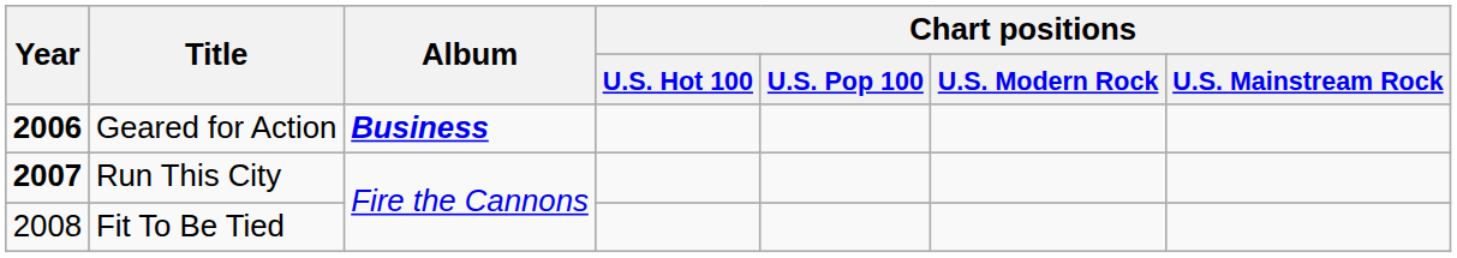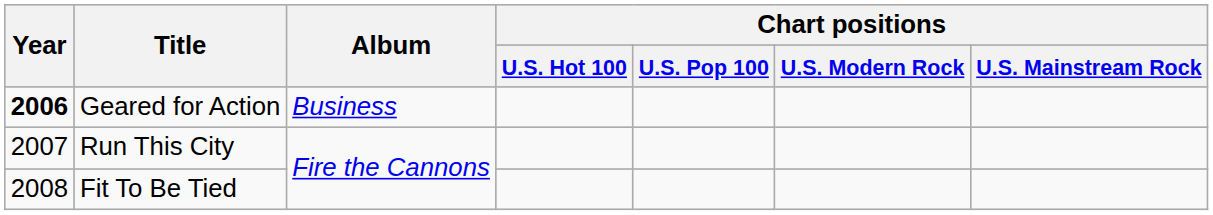 <table class="wikitable">
 <tr>
 <th rowspan="2">Year</th>
 <th rowspan="2">Title</th>
 <th rowspan="2">Album</th>
 <th colspan="4">Chart positions</th>
 </tr>
 <tr>
 <th><small><a href='#'>U.S. Hot 100</a></small></th>
 <th><small><a href='#'>U.S. Pop 100</a></small></th>
 <th><small><a href='#'>U.S. Modern Rock</a></small></th>
 <th><small><a href='#'>U.S. Mainstream Rock</a></small></th>
 </tr>
 <tr>
 <td><strong>2006</strong></td>
 <td>Geared for Action</td>
-<td><strong><em><a href='#'>Business</a></em></strong></td>
+<td><em><a href='#'>Business</a></em></td>
 <td></td>
 <td></td>
 <td></td>
 <td></td>
 </tr>
 <tr>
-<td><strong>2007</strong></td>
+<td>2007</td>
 <td>Run This City</td>
 <td rowspan="2"><em><a href='#'>Fire the Cannons</a></em></td>
 <td></td>
 <td></td>
 <td></td>
 <td></td>
 </tr>
 <tr>
 <td>2008</td>
 <td>Fit To Be Tied</td>
 <td></td>
 <td></td>
 <td></td>
 <td></td>
 </tr>
 </table>
